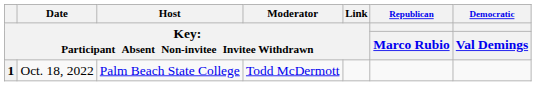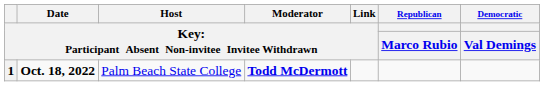 <table class="wikitable" style="text-align:center;">
 <tr style="font-size:small;">
 <th scope="col"></th>
 <th scope="col">Date</th>
 <th scope="col">Host</th>
 <th scope="col">Moderator</th>
 <th scope="col">Link</th>
 <th scope="col"><small><a href='#'>Republican</a></small></th>
 <th scope="col"><small><a href='#'>Democratic</a></small></th>
 </tr>
 <tr>
 <th colspan="5" rowspan="2">Key:<br> <small>Participant </small>  <small>Absent </small>  <small>Non-invitee </small>  <small>Invitee  Withdrawn</small></th>
 <th scope="col" style="background:"></th>
 <th scope="col" style="background:"></th>
 </tr>
 <tr>
 <th scope="col"><a href='#'>Marco Rubio</a></th>
 <th scope="col"><a href='#'>Val Demings</a></th>
 </tr>
 <tr>
 <th scope="row">1</th>
-<td style="white-space:nowrap;">Oct. 18, 2022</td>
+<td style="white-space:nowrap;"><strong>Oct. 18, 2022</strong></td>
 <td style="white-space:nowrap;"><a href='#'>Palm Beach State College</a></td>
-<td style="white-space:nowrap;"><a href='#'>Todd McDermott</a></td>
+<td style="white-space:nowrap;"><strong><a href='#'>Todd McDermott</a></strong></td>
 <td style="white-space:nowrap;"></td>
 <td></td>
 <td></td>
 </tr>
 </table>
